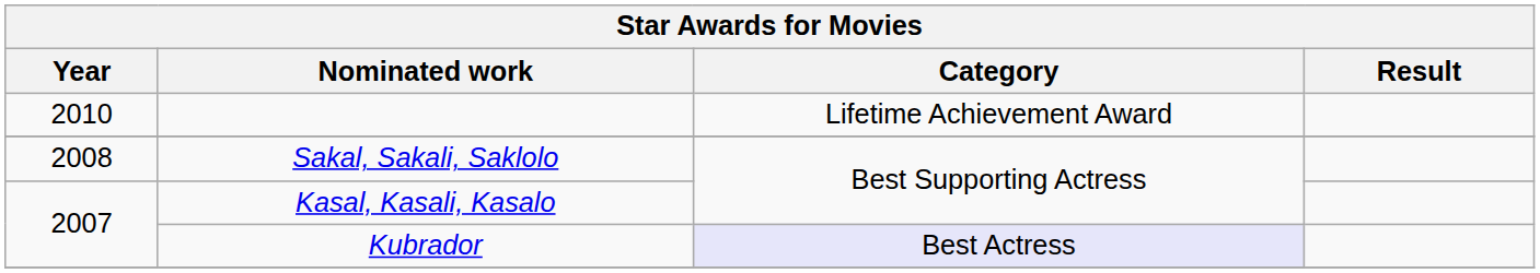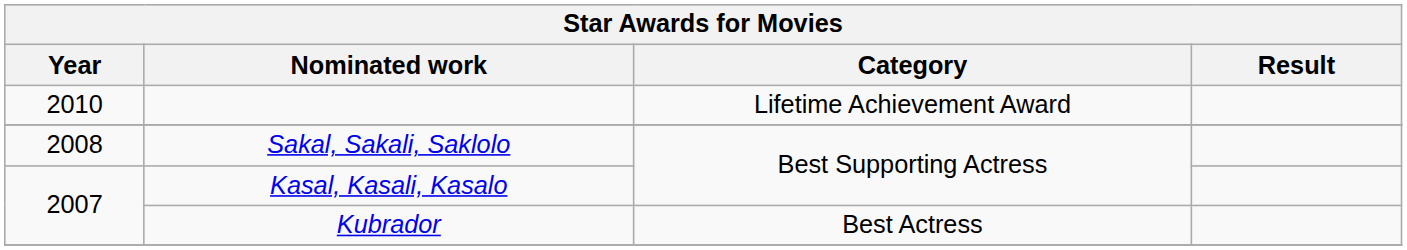 <table width="70%" class="wikitable sortable">
 <tr>
 <th colspan="4">Star Awards for Movies</th>
 </tr>
 <tr>
 <th width="10%">Year</th>
 <th width="35%">Nominated work</th>
 <th width="40%">Category</th>
 <th width="15%">Result</th>
 </tr>
 <tr>
 <td align="center">2010</td>
 <td align="center"></td>
 <td align="center">Lifetime Achievement Award</td>
 <td></td>
 </tr>
 <tr>
 </tr>
 <tr>
 <td align="center">2008</td>
 <td align="center"><em><a href='#'>Sakal, Sakali, Saklolo</a></em></td>
 <td align="center" rowspan=2>Best Supporting Actress</td>
 <td></td>
 </tr>
 <tr>
 <td align="center" rowspan=2>2007</td>
 <td align="center"><em><a href='#'>Kasal, Kasali, Kasalo</a></em></td>
 <td></td>
 </tr>
 <tr>
 <td align="center"><em><a href='#'>Kubrador</a></em></td>
-<td align="center" style="background: lavender;">Best Actress</td>
+<td align="center">Best Actress</td>
 <td></td>
 </tr>
 <tr>
 </tr>
 </table>
